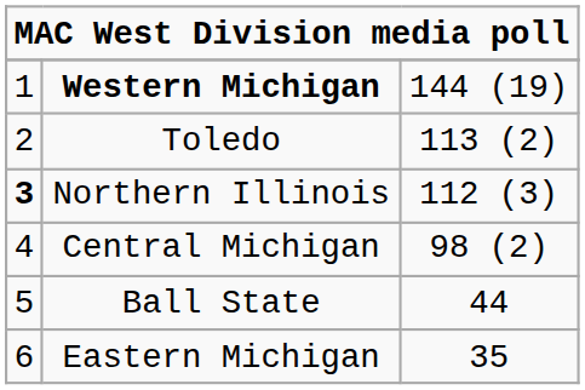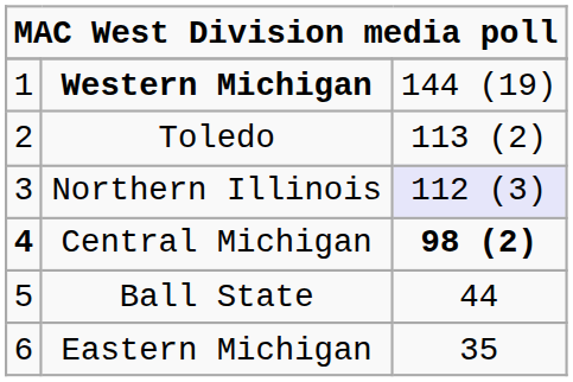 <table class="wikitable" style="display: inline-table;">
 <tr>
 <td align="center" Colspan="3"><strong>MAC West Division media poll</strong></td>
 </tr>
 <tr align="center">
 </tr>
 <tr align="center">
 <td>1</td>
 <td><strong>Western Michigan</strong></td>
 <td>144 (19)</td>
 </tr>
 <tr align="center">
 <td>2</td>
 <td>Toledo</td>
 <td>113 (2)</td>
 </tr>
 <tr align="center">
-<td><strong>3</strong></td>
+<td>3</td>
 <td>Northern Illinois</td>
-<td>112 (3)</td>
+<td style="background: lavender;">112 (3)</td>
 </tr>
 <tr align="center">
-<td>4</td>
+<td><strong>4</strong></td>
 <td>Central Michigan</td>
-<td>98 (2)</td>
+<td><strong>98 (2)</strong></td>
 </tr>
 <tr align="center">
 <td>5</td>
 <td>Ball State</td>
 <td>44</td>
 </tr>
 <tr align="center">
 <td>6</td>
 <td>Eastern Michigan</td>
 <td>35</td>
 </tr>
 </table>
